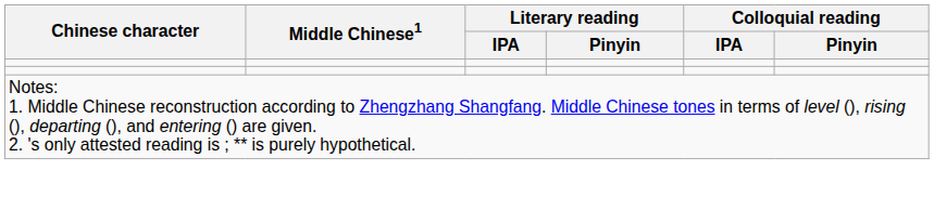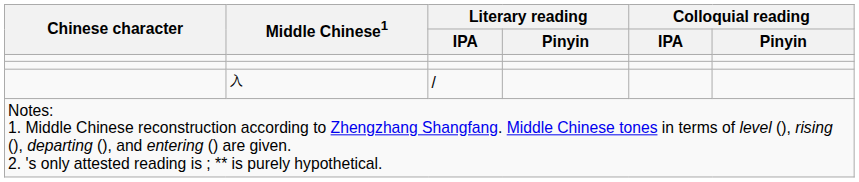 <table class="wikitable">
 <tr>
 <th rowspan="2">Chinese character</th>
 <th rowspan="2">Middle Chinese<sup>1</sup></th>
 <th colspan="2">Literary reading</th>
 <th colspan="2">Colloquial reading</th>
 </tr>
 <tr>
 <th>IPA</th>
 <th>Pinyin</th>
 <th>IPA</th>
 <th>Pinyin</th>
 </tr>
 <tr>
 <td></td>
 <td><sup></sup></td>
 <td></td>
 <td></td>
 <td></td>
 <td></td>
 </tr>
 <tr>
 <td></td>
 <td><sup></sup></td>
 <td></td>
 <td></td>
 <td></td>
 <td></td>
 </tr>
 <tr>
+<td></td>
+<td><sup>入</sup></td>
+<td> / </td>
+<td></td>
+<td></td>
+<td></td>
+</tr>
+<tr>
 <td colspan="6">Notes:<br>1. Middle Chinese reconstruction according to <a href='#'>Zhengzhang Shangfang</a>. <a href='#'>Middle Chinese tones</a> in terms of <em>level</em> (), <em>rising</em> (), <em>departing</em> (), and <em>entering</em> () are given.<br> 2. 's only attested reading is ; ** is purely hypothetical.<br></td>
 </tr>
 </table>
